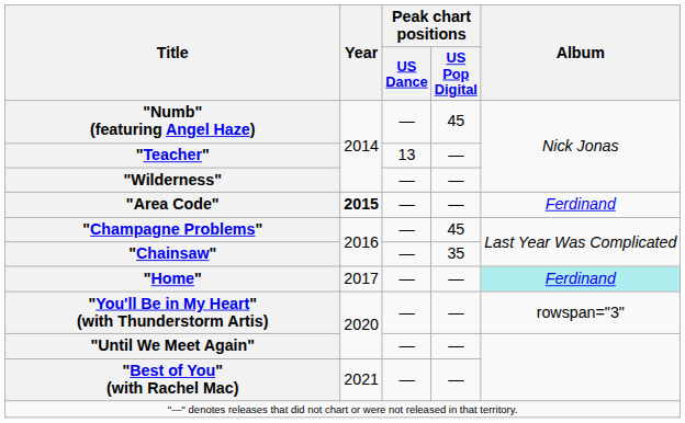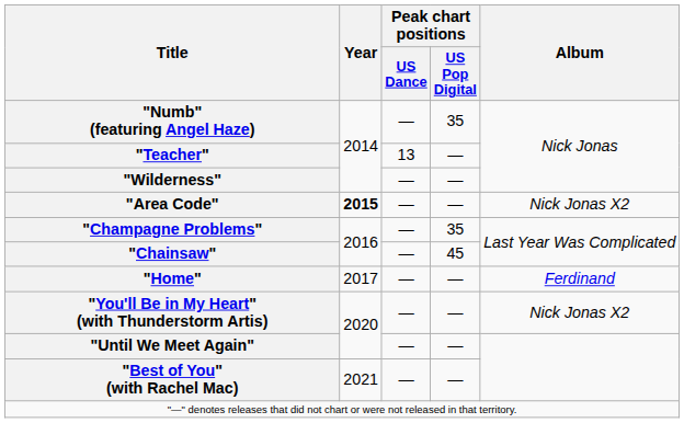 <table class="wikitable plainrowheaders" style="text-align:center;" border="1">
 <tr>
 <th scope="col" rowspan="2" style="width:21em;">Title</th>
 <th scope="col" rowspan="2">Year</th>
 <th scope="col" colspan="2">Peak chart positions</th>
 <th scope="col" rowspan="2">Album</th>
 </tr>
 <tr>
 <th scope="col" style="width:3em;font-size:90%;"><a href='#'>US<br>Dance</a><br></th>
 <th scope="col" style="width:3em;font-size:90%;"><a href='#'>US<br>Pop<br>Digital</a><br></th>
 </tr>
 <tr>
 <th scope="row">"Numb"<br><span>(featuring <a href='#'>Angel Haze</a>)</span></th>
 <td rowspan="3">2014</td>
 <td>—</td>
-<td>45</td>
+<td>35</td>
 <td rowspan="3"><em>Nick Jonas</em></td>
 </tr>
 <tr>
 <th scope="row">"<a href='#'>Teacher</a>"</th>
 <td>13</td>
 <td>—</td>
 </tr>
 <tr>
 <th scope="row">"Wilderness"</th>
 <td>—</td>
 <td>—</td>
 </tr>
 <tr>
 <th scope="row">"Area Code"</th>
 <td><strong>2015</strong></td>
 <td>—</td>
 <td>—</td>
-<td rowspan="1"><em><a href='#'>Ferdinand</a></em></td>
+<td><em>Nick Jonas X2</em></td>
 </tr>
 <tr>
 <th scope="row">"<a href='#'>Champagne Problems</a>"</th>
 <td rowspan="2">2016</td>
 <td>—</td>
-<td>45</td>
+<td>35</td>
 <td rowspan="2"><em>Last Year Was Complicated</em></td>
 </tr>
 <tr>
 <th scope="row">"<a href='#'>Chainsaw</a>"</th>
 <td>—</td>
-<td>35</td>
+<td>45</td>
 </tr>
 <tr>
 <th scope="row">"<a href='#'>Home</a>"</th>
 <td rowspan="1">2017</td>
 <td>—</td>
 <td>—</td>
-<td rowspan="1" style="background: paleturquoise;"><em><a href='#'>Ferdinand</a></em></td>
+<td rowspan="1"><em><a href='#'>Ferdinand</a></em></td>
 </tr>
 <tr>
 <th scope="row">"<a href='#'>You'll Be in My Heart</a>"<br><span>(with Thunderstorm Artis)</span></th>
 <td rowspan="2">2020</td>
 <td>—</td>
 <td>—</td>
-<td>rowspan="3" </td>
+<td><em>Nick Jonas X2</em></td>
 </tr>
 <tr>
 <th scope="row">"Until We Meet Again"</th>
 <td>—</td>
 <td>—</td>
 </tr>
 <tr>
 <th scope="row">"<a href='#'>Best of You</a>"<br><span>(with Rachel Mac)</span></th>
 <td rowspan="1">2021</td>
 <td>—</td>
 <td>—</td>
 </tr>
 <tr>
 <td align="center" colspan="15" style="font-size:8pt">"—" denotes releases that did not chart or were not released in that territory.</td>
 </tr>
 </table>
